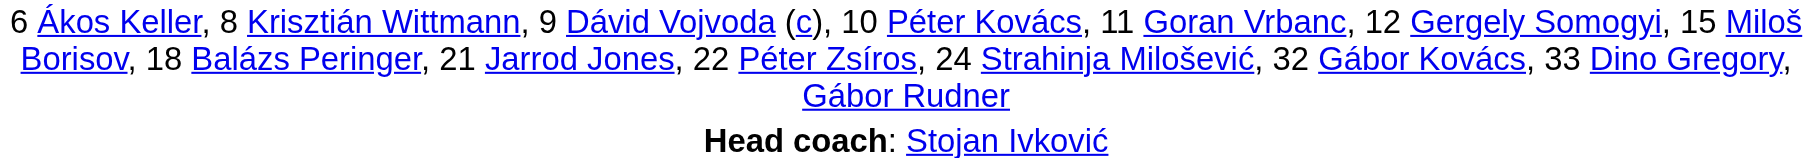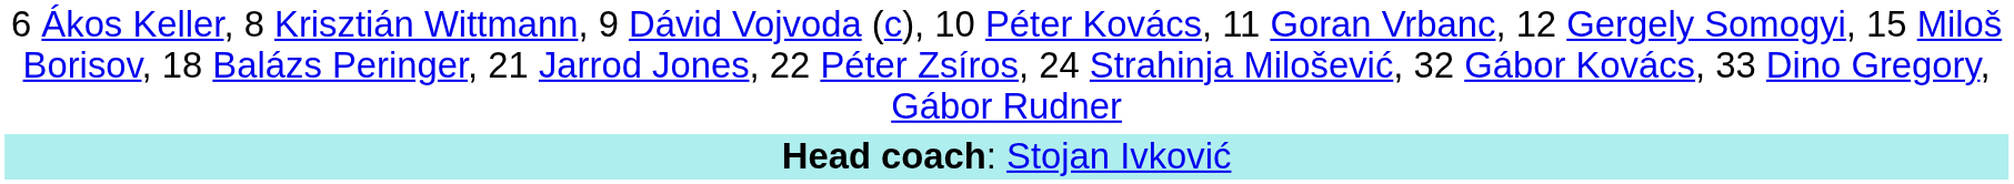 <table style="text-align: center; margin-top: 2em; margin-left: auto; margin-right: auto">
 <tr>
 <td>6 <a href='#'>Ákos Keller</a>, 8 <a href='#'>Krisztián Wittmann</a>, 9 <a href='#'>Dávid Vojvoda</a> (<a href='#'>c</a>), 10 <a href='#'>Péter Kovács</a>, 11 <a href='#'>Goran Vrbanc</a>, 12 <a href='#'>Gergely Somogyi</a>, 15 <a href='#'>Miloš Borisov</a>, 18 <a href='#'>Balázs Peringer</a>, 21 <a href='#'>Jarrod Jones</a>, 22 <a href='#'>Péter Zsíros</a>, 24 <a href='#'>Strahinja Milošević</a>, 32 <a href='#'>Gábor Kovács</a>, 33 <a href='#'>Dino Gregory</a>, <a href='#'>Gábor Rudner</a></td>
 </tr>
 <tr>
-<td><strong>Head coach</strong>: <a href='#'>Stojan Ivković</a></td>
+<td style="background: paleturquoise;"><strong>Head coach</strong>: <a href='#'>Stojan Ivković</a></td>
 </tr>
 </table>
